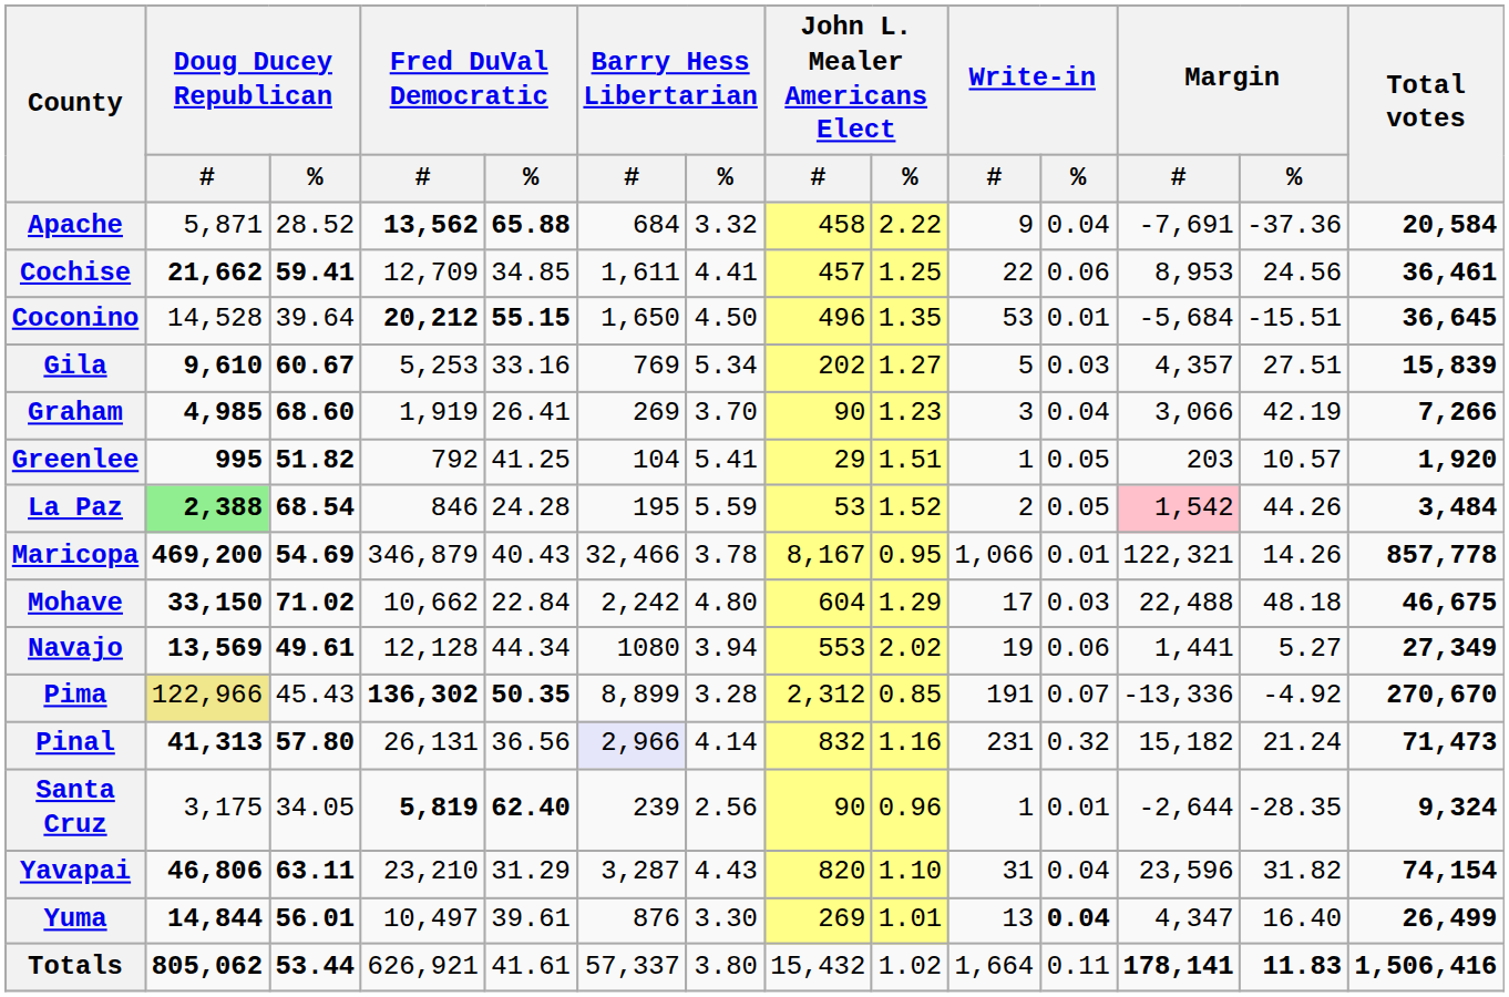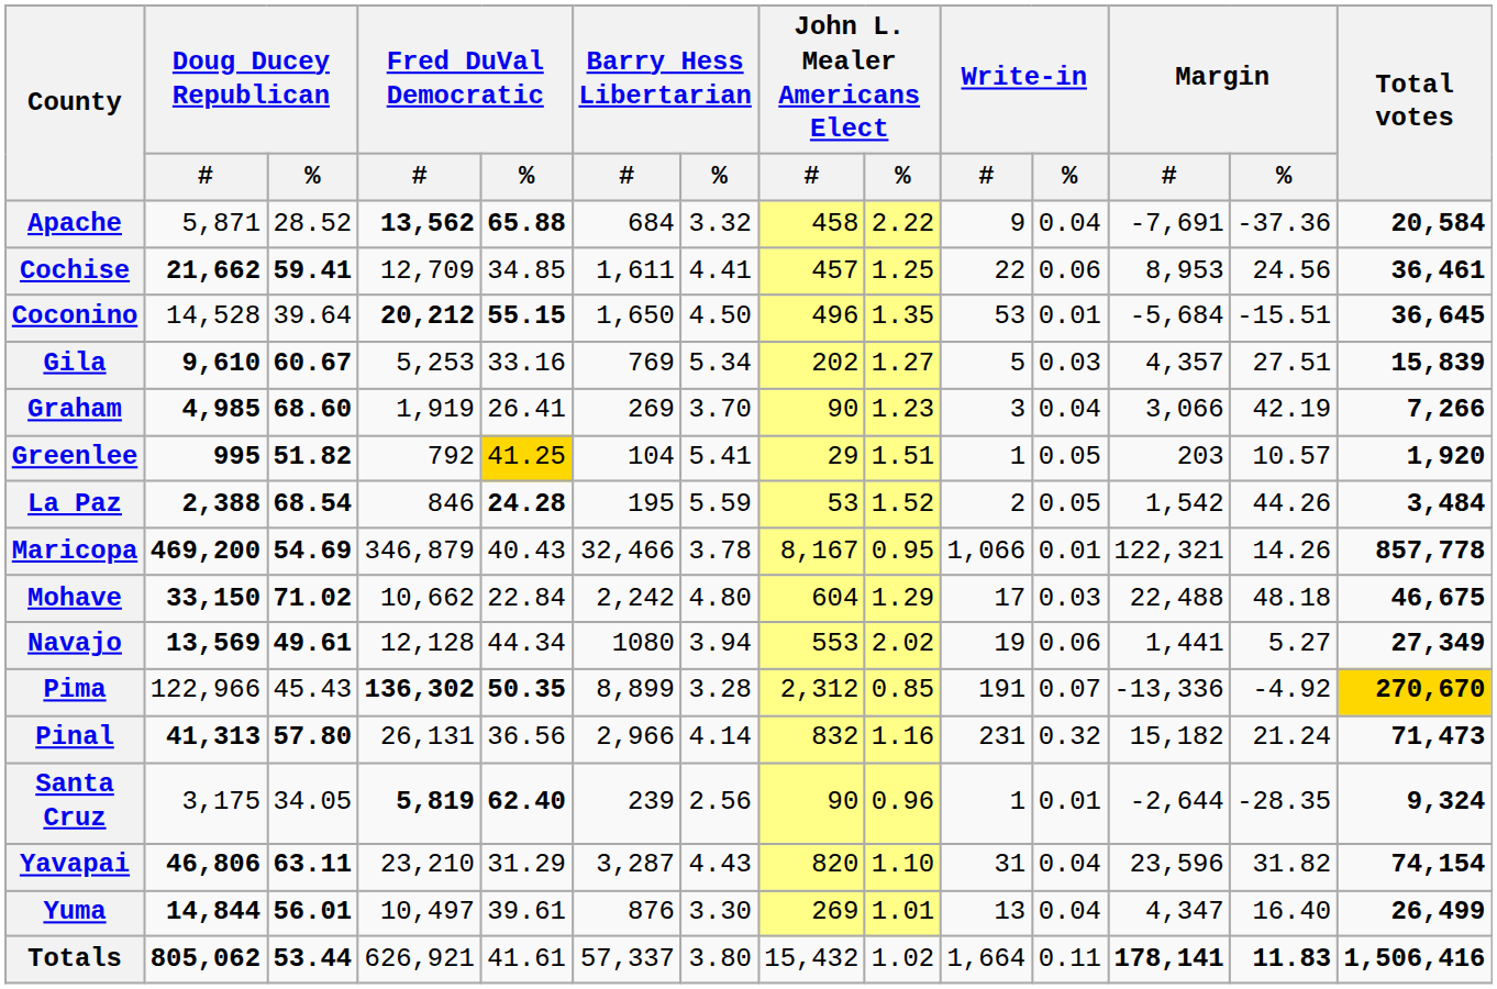 <table class="wikitable sortable" style="text-align:right;font-size:90%;line-height:1.3">
 <tr>
 <th rowspan=2>County</th>
 <th colspan=2><a href='#'>Doug Ducey</a><br><a href='#'>Republican</a></th>
 <th colspan=2><a href='#'>Fred DuVal</a><br><a href='#'>Democratic</a></th>
 <th colspan=2><a href='#'>Barry Hess</a><br><a href='#'>Libertarian</a></th>
 <th colspan=2>John L. Mealer<br><a href='#'>Americans Elect</a></th>
 <th colspan=2><a href='#'>Write-in</a></th>
 <th colspan=2>Margin</th>
 <th rowspan=2>Total<br>votes</th>
 </tr>
 <tr>
 <th data-sort-type="number">#</th>
 <th data-sort-type="number">%</th>
 <th data-sort-type="number">#</th>
 <th data-sort-type="number">%</th>
 <th data-sort-type="number">#</th>
 <th data-sort-type="number">%</th>
 <th data-sort-type="number">#</th>
 <th data-sort-type="number">%</th>
 <th data-sort-type="number">#</th>
 <th data-sort-type="number">%</th>
 <th data-sort-type="number">#</th>
 <th data-sort-type="number">%</th>
 </tr>
 <tr>
 <th><a href='#'>Apache</a></th>
 <td>5,871</td>
 <td>28.52</td>
 <td><strong>13,562</strong></td>
 <td><strong>65.88</strong></td>
 <td>684</td>
 <td>3.32</td>
 <td style=background:#FFFF88>458</td>
 <td style=background:#FFFF88>2.22</td>
 <td>9</td>
 <td>0.04</td>
 <td>-7,691</td>
 <td>-37.36</td>
 <td><strong>20,584</strong></td>
 </tr>
 <tr>
 <th><a href='#'>Cochise</a></th>
 <td><strong>21,662</strong></td>
 <td><strong>59.41</strong></td>
 <td>12,709</td>
 <td>34.85</td>
 <td>1,611</td>
 <td>4.41</td>
 <td style=background:#FFFF88>457</td>
 <td style=background:#FFFF88>1.25</td>
 <td>22</td>
 <td>0.06</td>
 <td>8,953</td>
 <td>24.56</td>
 <td><strong>36,461</strong></td>
 </tr>
 <tr>
 <th><a href='#'>Coconino</a></th>
 <td>14,528</td>
 <td>39.64</td>
 <td><strong>20,212</strong></td>
 <td><strong>55.15</strong></td>
 <td>1,650</td>
 <td>4.50</td>
 <td style=background:#FFFF88>496</td>
 <td style=background:#FFFF88>1.35</td>
 <td>53</td>
 <td>0.01</td>
 <td>-5,684</td>
 <td>-15.51</td>
 <td><strong>36,645</strong></td>
 </tr>
 <tr>
 <th><a href='#'>Gila</a></th>
 <td><strong>9,610</strong></td>
 <td><strong>60.67</strong></td>
 <td>5,253</td>
 <td>33.16</td>
 <td>769</td>
 <td>5.34</td>
 <td style=background:#FFFF88>202</td>
 <td style=background:#FFFF88>1.27</td>
 <td>5</td>
 <td>0.03</td>
 <td>4,357</td>
 <td>27.51</td>
 <td><strong>15,839</strong></td>
 </tr>
 <tr>
 <th><a href='#'>Graham</a></th>
 <td><strong>4,985</strong></td>
 <td><strong>68.60</strong></td>
 <td>1,919</td>
 <td>26.41</td>
 <td>269</td>
 <td>3.70</td>
 <td style=background:#FFFF88>90</td>
 <td style=background:#FFFF88>1.23</td>
 <td>3</td>
 <td>0.04</td>
 <td>3,066</td>
 <td>42.19</td>
 <td><strong>7,266</strong></td>
 </tr>
 <tr>
 <th><a href='#'>Greenlee</a></th>
 <td><strong>995</strong></td>
 <td><strong>51.82</strong></td>
 <td>792</td>
-<td>41.25</td>
+<td style="background: gold;">41.25</td>
 <td>104</td>
 <td>5.41</td>
 <td style=background:#FFFF88>29</td>
 <td style=background:#FFFF88>1.51</td>
 <td>1</td>
 <td>0.05</td>
 <td>203</td>
 <td>10.57</td>
 <td><strong>1,920</strong></td>
 </tr>
 <tr>
 <th><a href='#'>La Paz</a></th>
-<td style="background: lightgreen;"><strong>2,388</strong></td>
+<td><strong>2,388</strong></td>
 <td><strong>68.54</strong></td>
 <td>846</td>
-<td>24.28</td>
+<td><strong>24.28</strong></td>
 <td>195</td>
 <td>5.59</td>
 <td style=background:#FFFF88>53</td>
 <td style=background:#FFFF88>1.52</td>
 <td>2</td>
 <td>0.05</td>
-<td style="background: pink;">1,542</td>
+<td>1,542</td>
 <td>44.26</td>
 <td><strong>3,484</strong></td>
 </tr>
 <tr>
 <th><a href='#'>Maricopa</a></th>
 <td><strong>469,200</strong></td>
 <td><strong>54.69</strong></td>
 <td>346,879</td>
 <td>40.43</td>
 <td>32,466</td>
 <td>3.78</td>
 <td style=background:#FFFF88>8,167</td>
 <td style=background:#FFFF88>0.95</td>
 <td>1,066</td>
 <td>0.01</td>
 <td>122,321</td>
 <td>14.26</td>
 <td><strong>857,778</strong></td>
 </tr>
 <tr>
 <th><a href='#'>Mohave</a></th>
 <td><strong>33,150</strong></td>
 <td><strong>71.02</strong></td>
 <td>10,662</td>
 <td>22.84</td>
 <td>2,242</td>
 <td>4.80</td>
 <td style=background:#FFFF88>604</td>
 <td style=background:#FFFF88>1.29</td>
 <td>17</td>
 <td>0.03</td>
 <td>22,488</td>
 <td>48.18</td>
 <td><strong>46,675</strong></td>
 </tr>
 <tr>
 <th><a href='#'>Navajo</a></th>
 <td><strong>13,569</strong></td>
 <td><strong>49.61</strong></td>
 <td>12,128</td>
 <td>44.34</td>
 <td>1080</td>
 <td>3.94</td>
 <td style=background:#FFFF88>553</td>
 <td style=background:#FFFF88>2.02</td>
 <td>19</td>
 <td>0.06</td>
 <td>1,441</td>
 <td>5.27</td>
 <td><strong>27,349</strong></td>
 </tr>
 <tr>
 <th><a href='#'>Pima</a></th>
-<td style="background: khaki;">122,966</td>
+<td>122,966</td>
 <td>45.43</td>
 <td><strong>136,302</strong></td>
 <td><strong>50.35</strong></td>
 <td>8,899</td>
 <td>3.28</td>
 <td style=background:#FFFF88>2,312</td>
 <td style=background:#FFFF88>0.85</td>
 <td>191</td>
 <td>0.07</td>
 <td>-13,336</td>
 <td>-4.92</td>
-<td><strong>270,670</strong></td>
+<td style="background: gold;"><strong>270,670</strong></td>
 </tr>
 <tr>
 <th><a href='#'>Pinal</a></th>
 <td><strong>41,313</strong></td>
 <td><strong>57.80</strong></td>
 <td>26,131</td>
 <td>36.56</td>
-<td style="background: lavender;">2,966</td>
+<td>2,966</td>
 <td>4.14</td>
 <td style=background:#FFFF88>832</td>
 <td style=background:#FFFF88>1.16</td>
 <td>231</td>
 <td>0.32</td>
 <td>15,182</td>
 <td>21.24</td>
 <td><strong>71,473</strong></td>
 </tr>
 <tr>
 <th><a href='#'>Santa Cruz</a></th>
 <td>3,175</td>
 <td>34.05</td>
 <td><strong>5,819</strong></td>
 <td><strong>62.40</strong></td>
 <td>239</td>
 <td>2.56</td>
 <td style=background:#FFFF88>90</td>
 <td style=background:#FFFF88>0.96</td>
 <td>1</td>
 <td>0.01</td>
 <td>-2,644</td>
 <td>-28.35</td>
 <td><strong>9,324</strong></td>
 </tr>
 <tr>
 <th><a href='#'>Yavapai</a></th>
 <td><strong>46,806</strong></td>
 <td><strong>63.11</strong></td>
 <td>23,210</td>
 <td>31.29</td>
 <td>3,287</td>
 <td>4.43</td>
 <td style=background:#FFFF88>820</td>
 <td style=background:#FFFF88>1.10</td>
 <td>31</td>
 <td>0.04</td>
 <td>23,596</td>
 <td>31.82</td>
 <td><strong>74,154</strong></td>
 </tr>
 <tr>
 <th><a href='#'>Yuma</a></th>
 <td><strong>14,844</strong></td>
 <td><strong>56.01</strong></td>
 <td>10,497</td>
 <td>39.61</td>
 <td>876</td>
 <td>3.30</td>
 <td style=background:#FFFF88>269</td>
 <td style=background:#FFFF88>1.01</td>
 <td>13</td>
-<td><strong>0.04</strong></td>
+<td>0.04</td>
 <td>4,347</td>
 <td>16.40</td>
 <td><strong>26,499</strong></td>
 </tr>
 <tr class="sortbottom">
 <th>Totals</th>
 <td><strong>805,062</strong></td>
 <td><strong>53.44</strong></td>
 <td>626,921</td>
 <td>41.61</td>
 <td>57,337</td>
 <td>3.80</td>
 <td>15,432</td>
 <td>1.02</td>
 <td>1,664</td>
 <td>0.11</td>
 <td><strong>178,141</strong></td>
 <td><strong>11.83</strong></td>
 <td><strong>1,506,416</strong></td>
 </tr>
 </table>
